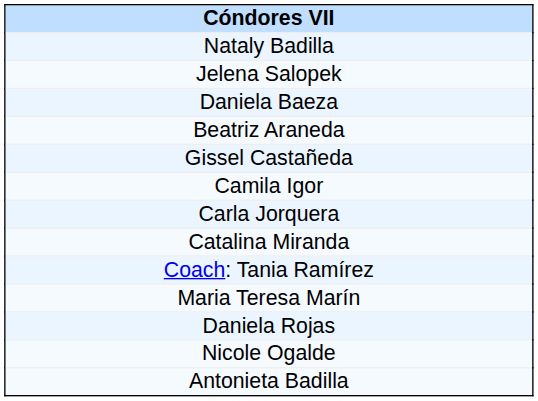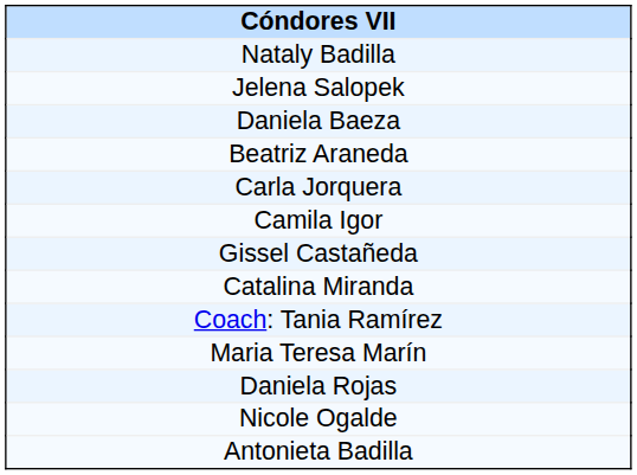 <table width=45% align=center border=1 style="border: 1px solid; border-collapse: collapse">
 <tr align=center bgcolor=#C0DEFF>
 <th width=30%> <strong>Cóndores VII</strong></th>
 </tr>
 <tr align=center bgcolor=#EBF5FF>
 <td>Nataly Badilla</td>
 </tr>
 <tr align=center bgcolor=#F5FAFF>
 <td>Jelena Salopek</td>
 </tr>
 <tr align=center bgcolor=#EBF5FF>
 <td>Daniela Baeza</td>
 </tr>
 <tr align=center bgcolor=#F5FAFF>
 <td>Beatriz Araneda</td>
 </tr>
 <tr align=center bgcolor=#EBF5FF>
-<td>Gissel Castañeda</td>
+<td>Carla Jorquera</td>
 </tr>
 <tr align=center bgcolor=#F5FAFF>
 <td>Camila Igor</td>
 </tr>
 <tr align=center bgcolor=#EBF5FF>
-<td>Carla Jorquera</td>
+<td>Gissel Castañeda</td>
 </tr>
 <tr align=center bgcolor=#F5FAFF>
 <td>Catalina Miranda</td>
 </tr>
 <tr align=center bgcolor=#EBF5FF>
 <td><a href='#'>Coach</a>: Tania Ramírez</td>
 </tr>
 <tr align=center bgcolor=#F5FAFF>
 <td>Maria Teresa Marín</td>
 </tr>
 <tr align=center bgcolor=#EBF5FF>
 <td>Daniela Rojas</td>
 </tr>
 <tr align=center bgcolor=#F5FAFF>
 <td>Nicole Ogalde</td>
 </tr>
 <tr align=center bgcolor=#F5FAFF>
 <td>Antonieta Badilla</td>
 </tr>
 </table>
